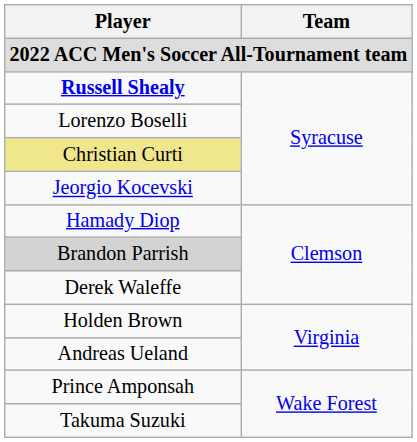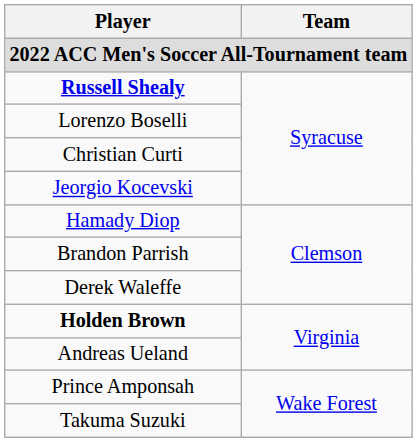 <table class="wikitable" style="white-space:nowrap; font-size:90%; text-align: center;">
 <tr>
 <th>Player</th>
 <th>Team</th>
 </tr>
 <tr>
 <td colspan="2" style="text-align:center; background:#ddd;"><strong>2022 ACC Men's Soccer All-Tournament team</strong></td>
 </tr>
 <tr>
 <td><strong><a href='#'>Russell Shealy</a></strong></td>
 <td rowspan=4><a href='#'>Syracuse</a></td>
 </tr>
 <tr>
 <td>Lorenzo Boselli</td>
 </tr>
 <tr>
-<td style="background: khaki;">Christian Curti</td>
+<td>Christian Curti</td>
 </tr>
 <tr>
 <td><a href='#'>Jeorgio Kocevski</a></td>
 </tr>
 <tr>
 <td><a href='#'>Hamady Diop</a></td>
 <td rowspan=3><a href='#'>Clemson</a></td>
 </tr>
 <tr>
-<td style="background: lightgrey;">Brandon Parrish</td>
+<td>Brandon Parrish</td>
 </tr>
 <tr>
 <td>Derek Waleffe</td>
 </tr>
 <tr>
-<td>Holden Brown</td>
+<td><strong>Holden Brown</strong></td>
 <td rowspan=2><a href='#'>Virginia</a></td>
 </tr>
 <tr>
 <td>Andreas Ueland</td>
 </tr>
 <tr>
 <td>Prince Amponsah</td>
 <td rowspan=2><a href='#'>Wake Forest</a></td>
 </tr>
 <tr>
 <td>Takuma Suzuki</td>
 </tr>
 </table>
